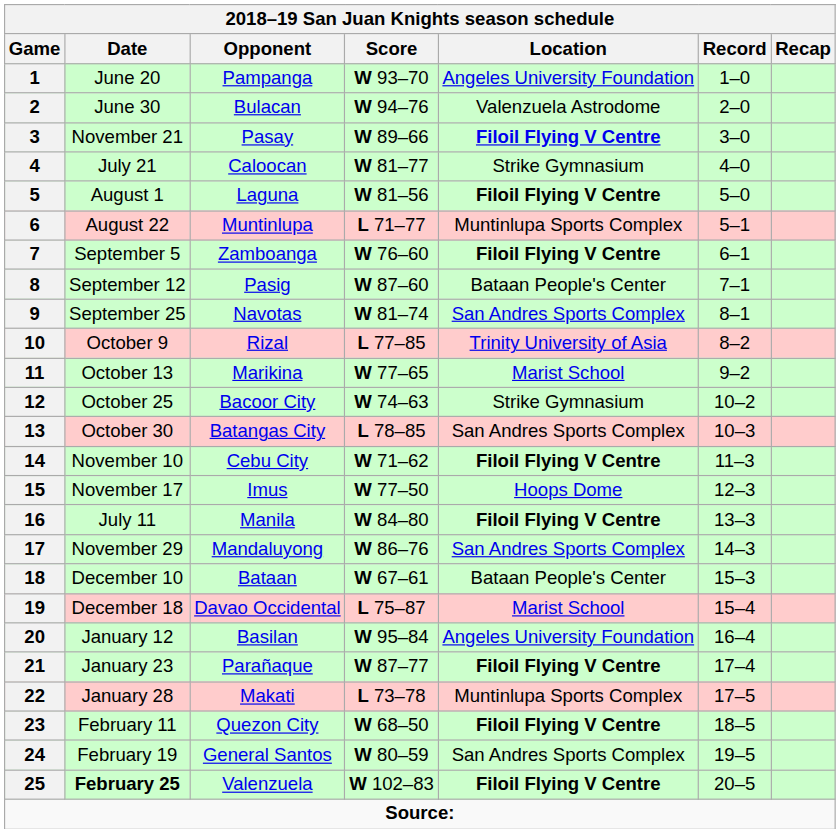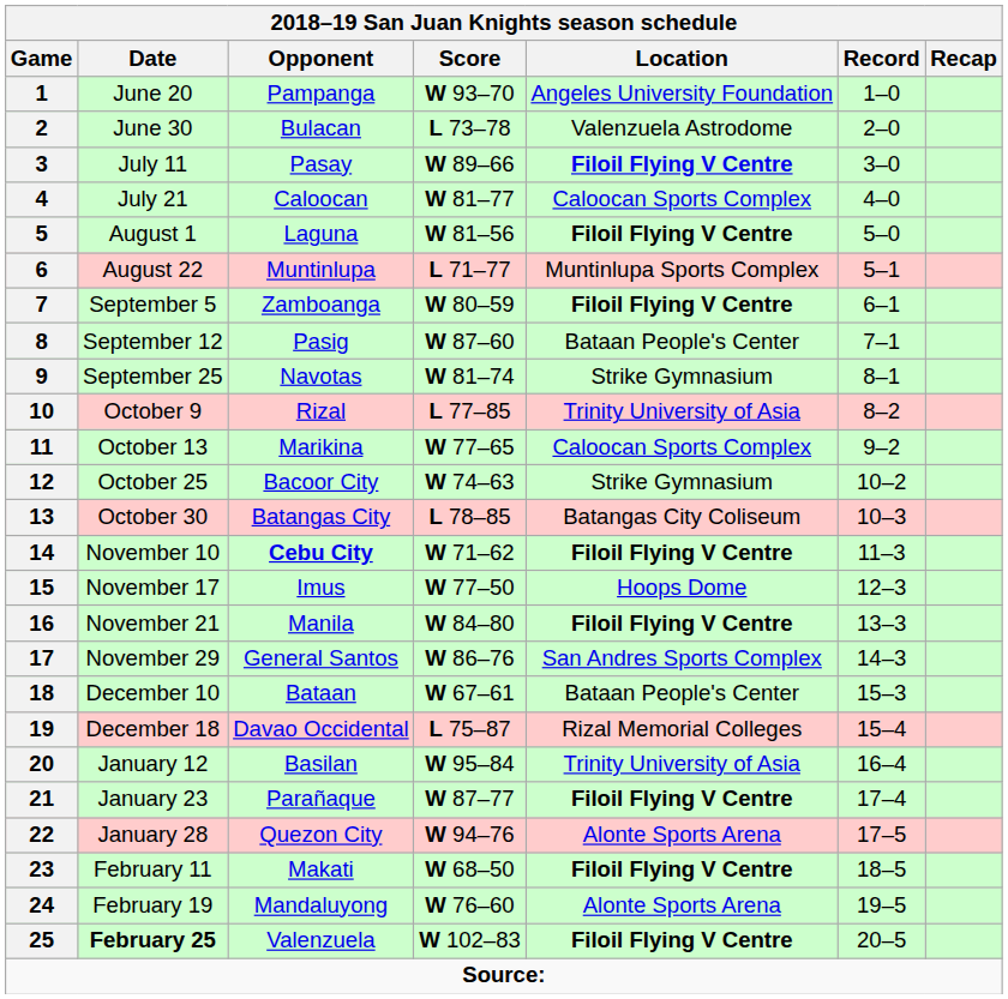 <table class="wikitable" style="text-align:center">
 <tr>
 <th colspan=7>2018–19 San Juan Knights season schedule</th>
 </tr>
 <tr>
 <th>Game</th>
 <th>Date</th>
 <th>Opponent</th>
 <th>Score</th>
 <th>Location</th>
 <th>Record</th>
 <th>Recap<br></th>
 </tr>
 <tr style="background:#cfc">
 <th>1</th>
 <td>June 20</td>
 <td><a href='#'>Pampanga</a></td>
 <td><strong>W</strong> 93–70</td>
 <td><a href='#'>Angeles University Foundation</a></td>
 <td>1–0</td>
 <td></td>
 </tr>
 <tr style="background:#cfc">
 <th>2</th>
 <td>June 30</td>
 <td><a href='#'>Bulacan</a></td>
-<td><strong>W</strong> 94–76</td>
+<td><strong>L</strong> 73–78</td>
 <td>Valenzuela Astrodome</td>
 <td>2–0</td>
 <td></td>
 </tr>
 <tr style="background:#cfc">
 <th>3</th>
-<td>November 21</td>
+<td>July 11</td>
 <td><a href='#'>Pasay</a></td>
 <td><strong>W</strong> 89–66</td>
 <td><strong><a href='#'>Filoil Flying V Centre</a></strong></td>
 <td>3–0</td>
 <td></td>
 </tr>
 <tr style="background:#cfc">
 <th>4</th>
 <td>July 21</td>
 <td><a href='#'>Caloocan</a></td>
 <td><strong>W</strong> 81–77</td>
-<td>Strike Gymnasium</td>
+<td><a href='#'>Caloocan Sports Complex</a></td>
 <td>4–0</td>
 <td></td>
 </tr>
 <tr style="background:#cfc">
 <th>5</th>
 <td>August 1</td>
 <td><a href='#'>Laguna</a></td>
 <td><strong>W</strong> 81–56</td>
 <td><strong>Filoil Flying V Centre</strong></td>
 <td>5–0</td>
 <td></td>
 </tr>
 <tr style="background:#fcc">
 <th>6</th>
 <td>August 22</td>
 <td><a href='#'>Muntinlupa</a></td>
 <td><strong>L</strong> 71–77</td>
 <td>Muntinlupa Sports Complex</td>
 <td>5–1</td>
 <td></td>
 </tr>
 <tr style="background:#cfc">
 <th>7</th>
 <td>September 5</td>
 <td><a href='#'>Zamboanga</a></td>
-<td><strong>W</strong> 76–60</td>
+<td><strong>W</strong> 80–59</td>
 <td><strong>Filoil Flying V Centre</strong></td>
 <td>6–1</td>
 <td></td>
 </tr>
 <tr style="background:#cfc">
 <th>8</th>
 <td>September 12</td>
 <td><a href='#'>Pasig</a></td>
 <td><strong>W</strong> 87–60</td>
 <td>Bataan People's Center</td>
 <td>7–1</td>
 <td></td>
 </tr>
 <tr style="background:#cfc">
 <th>9</th>
 <td>September 25</td>
 <td><a href='#'>Navotas</a></td>
 <td><strong>W</strong> 81–74</td>
-<td><a href='#'>San Andres Sports Complex</a></td>
+<td>Strike Gymnasium</td>
 <td>8–1</td>
 <td><br></td>
 </tr>
 <tr style="background:#fcc">
 <th>10</th>
 <td>October 9</td>
 <td><a href='#'>Rizal</a></td>
 <td><strong>L</strong> 77–85</td>
 <td><a href='#'>Trinity University of Asia</a></td>
 <td>8–2</td>
 <td></td>
 </tr>
 <tr style="background:#cfc">
 <th>11</th>
 <td>October 13</td>
 <td><a href='#'>Marikina</a></td>
 <td><strong>W</strong> 77–65</td>
-<td><a href='#'>Marist School</a></td>
+<td><a href='#'>Caloocan Sports Complex</a></td>
 <td>9–2</td>
 <td></td>
 </tr>
 <tr style="background:#cfc">
 <th>12</th>
 <td>October 25</td>
 <td><a href='#'>Bacoor City</a></td>
 <td><strong>W</strong> 74–63</td>
 <td>Strike Gymnasium</td>
 <td>10–2</td>
 <td></td>
 </tr>
 <tr style="background:#fcc">
 <th>13</th>
 <td>October 30</td>
 <td><a href='#'>Batangas City</a></td>
 <td><strong>L</strong> 78–85</td>
-<td>San Andres Sports Complex</td>
+<td>Batangas City Coliseum</td>
 <td>10–3</td>
 <td></td>
 </tr>
 <tr style="background:#cfc">
 <th>14</th>
 <td>November 10</td>
-<td><a href='#'>Cebu City</a></td>
+<td><strong><a href='#'>Cebu City</a></strong></td>
 <td><strong>W</strong> 71–62</td>
 <td><strong>Filoil Flying V Centre</strong></td>
 <td>11–3</td>
 <td></td>
 </tr>
 <tr style="background:#cfc">
 <th>15</th>
 <td>November 17</td>
 <td><a href='#'>Imus</a></td>
 <td><strong>W</strong> 77–50</td>
 <td><a href='#'>Hoops Dome</a></td>
 <td>12–3</td>
 <td></td>
 </tr>
 <tr style="background:#cfc">
 <th>16</th>
-<td>July 11</td>
+<td>November 21</td>
 <td><a href='#'>Manila</a> </td>
 <td><strong>W</strong> 84–80</td>
 <td><strong>Filoil Flying V Centre</strong></td>
 <td>13–3</td>
 <td></td>
 </tr>
 <tr style="background:#cfc">
 <th>17</th>
 <td>November 29</td>
-<td><a href='#'>Mandaluyong</a></td>
+<td><a href='#'>General Santos</a></td>
 <td><strong>W</strong> 86–76</td>
 <td><a href='#'>San Andres Sports Complex</a></td>
 <td>14–3</td>
 <td></td>
 </tr>
 <tr style="background:#cfc">
 <th>18</th>
 <td>December 10</td>
 <td><a href='#'>Bataan</a></td>
 <td><strong>W</strong> 67–61</td>
 <td>Bataan People's Center</td>
 <td>15–3</td>
 <td></td>
 </tr>
 <tr style="background:#fcc">
 <th>19</th>
 <td>December 18</td>
 <td><a href='#'>Davao Occidental</a></td>
 <td><strong>L</strong> 75–87</td>
-<td><a href='#'>Marist School</a></td>
+<td>Rizal Memorial Colleges</td>
 <td>15–4</td>
 <td><br></td>
 </tr>
 <tr style="background:#cfc">
 <th>20</th>
 <td>January 12</td>
 <td><a href='#'>Basilan</a></td>
 <td><strong>W</strong> 95–84</td>
-<td><a href='#'>Angeles University Foundation</a></td>
+<td><a href='#'>Trinity University of Asia</a></td>
 <td>16–4</td>
 <td></td>
 </tr>
 <tr style="background:#cfc">
 <th>21</th>
 <td>January 23</td>
 <td><a href='#'>Parañaque</a></td>
 <td><strong>W</strong> 87–77</td>
 <td><strong>Filoil Flying V Centre</strong></td>
 <td>17–4</td>
 <td></td>
 </tr>
 <tr style="background:#fcc">
 <th>22</th>
 <td>January 28</td>
-<td><a href='#'>Makati</a></td>
-<td><strong>L</strong> 73–78</td>
-<td>Muntinlupa Sports Complex</td>
+<td><a href='#'>Quezon City</a></td>
+<td><strong>W</strong> 94–76</td>
+<td><a href='#'>Alonte Sports Arena</a></td>
 <td>17–5</td>
 <td></td>
 </tr>
 <tr style="background:#cfc">
 <th>23</th>
 <td>February 11</td>
-<td><a href='#'>Quezon City</a></td>
+<td><a href='#'>Makati</a></td>
 <td><strong>W</strong> 68–50</td>
 <td><strong>Filoil Flying V Centre</strong></td>
 <td>18–5</td>
 <td></td>
 </tr>
 <tr style="background:#cfc">
 <th>24</th>
 <td>February 19</td>
-<td><a href='#'>General Santos</a></td>
-<td><strong>W</strong> 80–59</td>
-<td>San Andres Sports Complex</td>
+<td><a href='#'>Mandaluyong</a></td>
+<td><strong>W</strong> 76–60</td>
+<td><a href='#'>Alonte Sports Arena</a></td>
 <td>19–5</td>
 <td></td>
 </tr>
 <tr style="background:#cfc">
 <th>25</th>
 <td><strong>February 25</strong></td>
 <td><a href='#'>Valenzuela</a></td>
 <td><strong>W</strong> 102–83</td>
 <td><strong>Filoil Flying V Centre</strong></td>
 <td>20–5</td>
 <td></td>
 </tr>
 <tr>
 <td colspan=7 align=center><strong>Source: </strong></td>
 </tr>
 </table>
